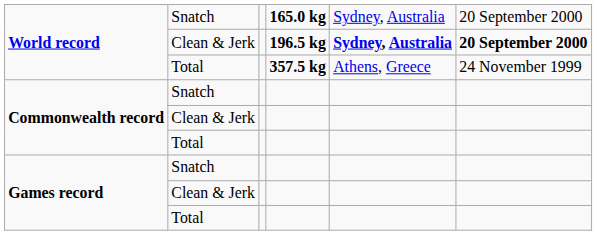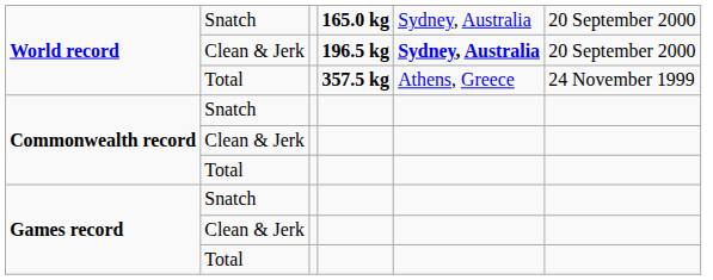 <table class="wikitable">
 <tr>
 <td rowspan=3><strong><a href='#'>World record</a></strong></td>
 <td>Snatch</td>
 <td></td>
 <td><strong>165.0 kg</strong></td>
 <td><a href='#'>Sydney</a>, <a href='#'>Australia</a></td>
 <td>20 September 2000</td>
 </tr>
 <tr>
 <td>Clean & Jerk</td>
 <td></td>
 <td><strong>196.5 kg</strong></td>
 <td><strong><a href='#'>Sydney</a>, <a href='#'>Australia</a></strong></td>
-<td><strong>20 September 2000</strong></td>
+<td>20 September 2000</td>
 </tr>
 <tr>
 <td>Total</td>
 <td></td>
 <td><strong>357.5 kg</strong></td>
 <td><a href='#'>Athens</a>, <a href='#'>Greece</a></td>
 <td>24 November 1999</td>
 </tr>
 <tr>
 <td rowspan=3><strong>Commonwealth record</strong></td>
 <td>Snatch</td>
 <td></td>
 <td></td>
 <td></td>
 <td></td>
 </tr>
 <tr>
 <td>Clean & Jerk</td>
 <td></td>
 <td></td>
 <td></td>
 <td></td>
 </tr>
 <tr>
 <td>Total</td>
 <td></td>
 <td></td>
 <td></td>
 <td></td>
 </tr>
 <tr>
 <td rowspan=3><strong>Games record</strong></td>
 <td>Snatch</td>
 <td></td>
 <td></td>
 <td></td>
 <td></td>
 </tr>
 <tr>
 <td>Clean & Jerk</td>
 <td></td>
 <td></td>
 <td></td>
 <td></td>
 </tr>
 <tr>
 <td>Total</td>
 <td></td>
 <td></td>
 <td></td>
 <td></td>
 </tr>
 </table>
